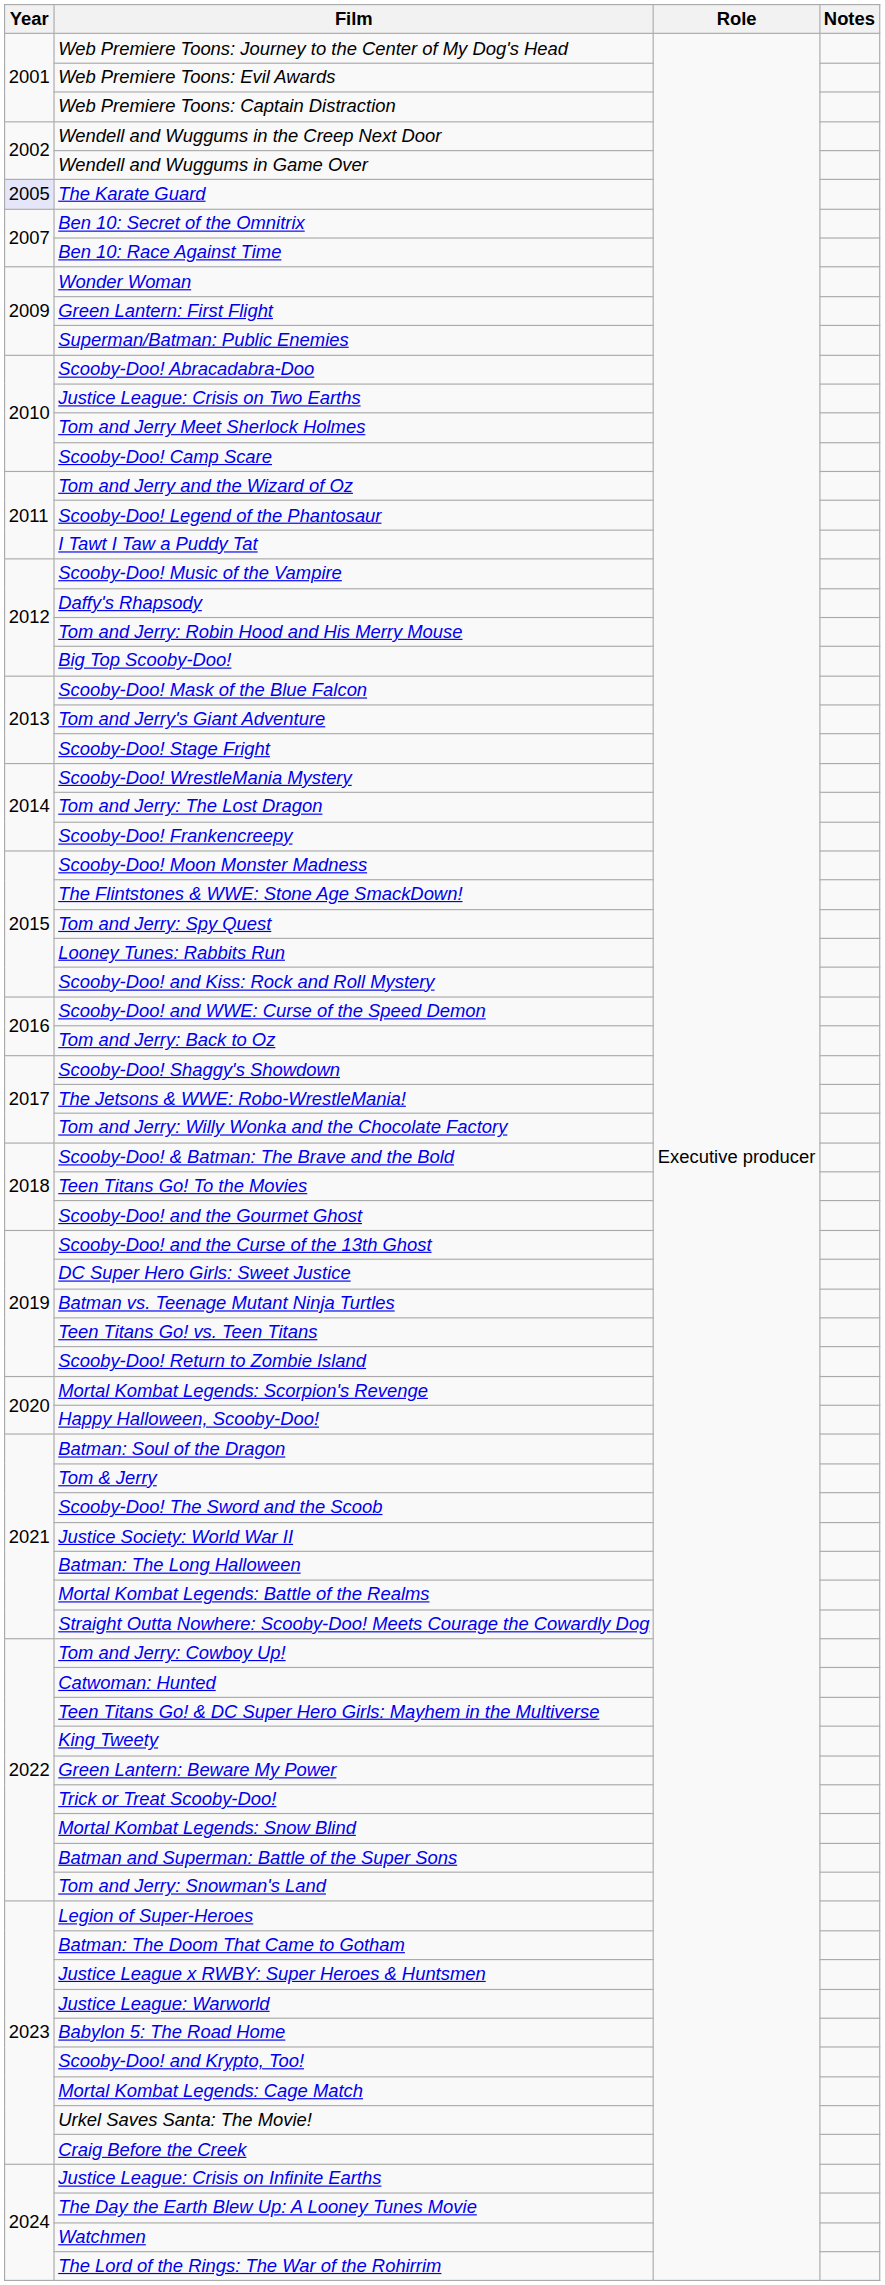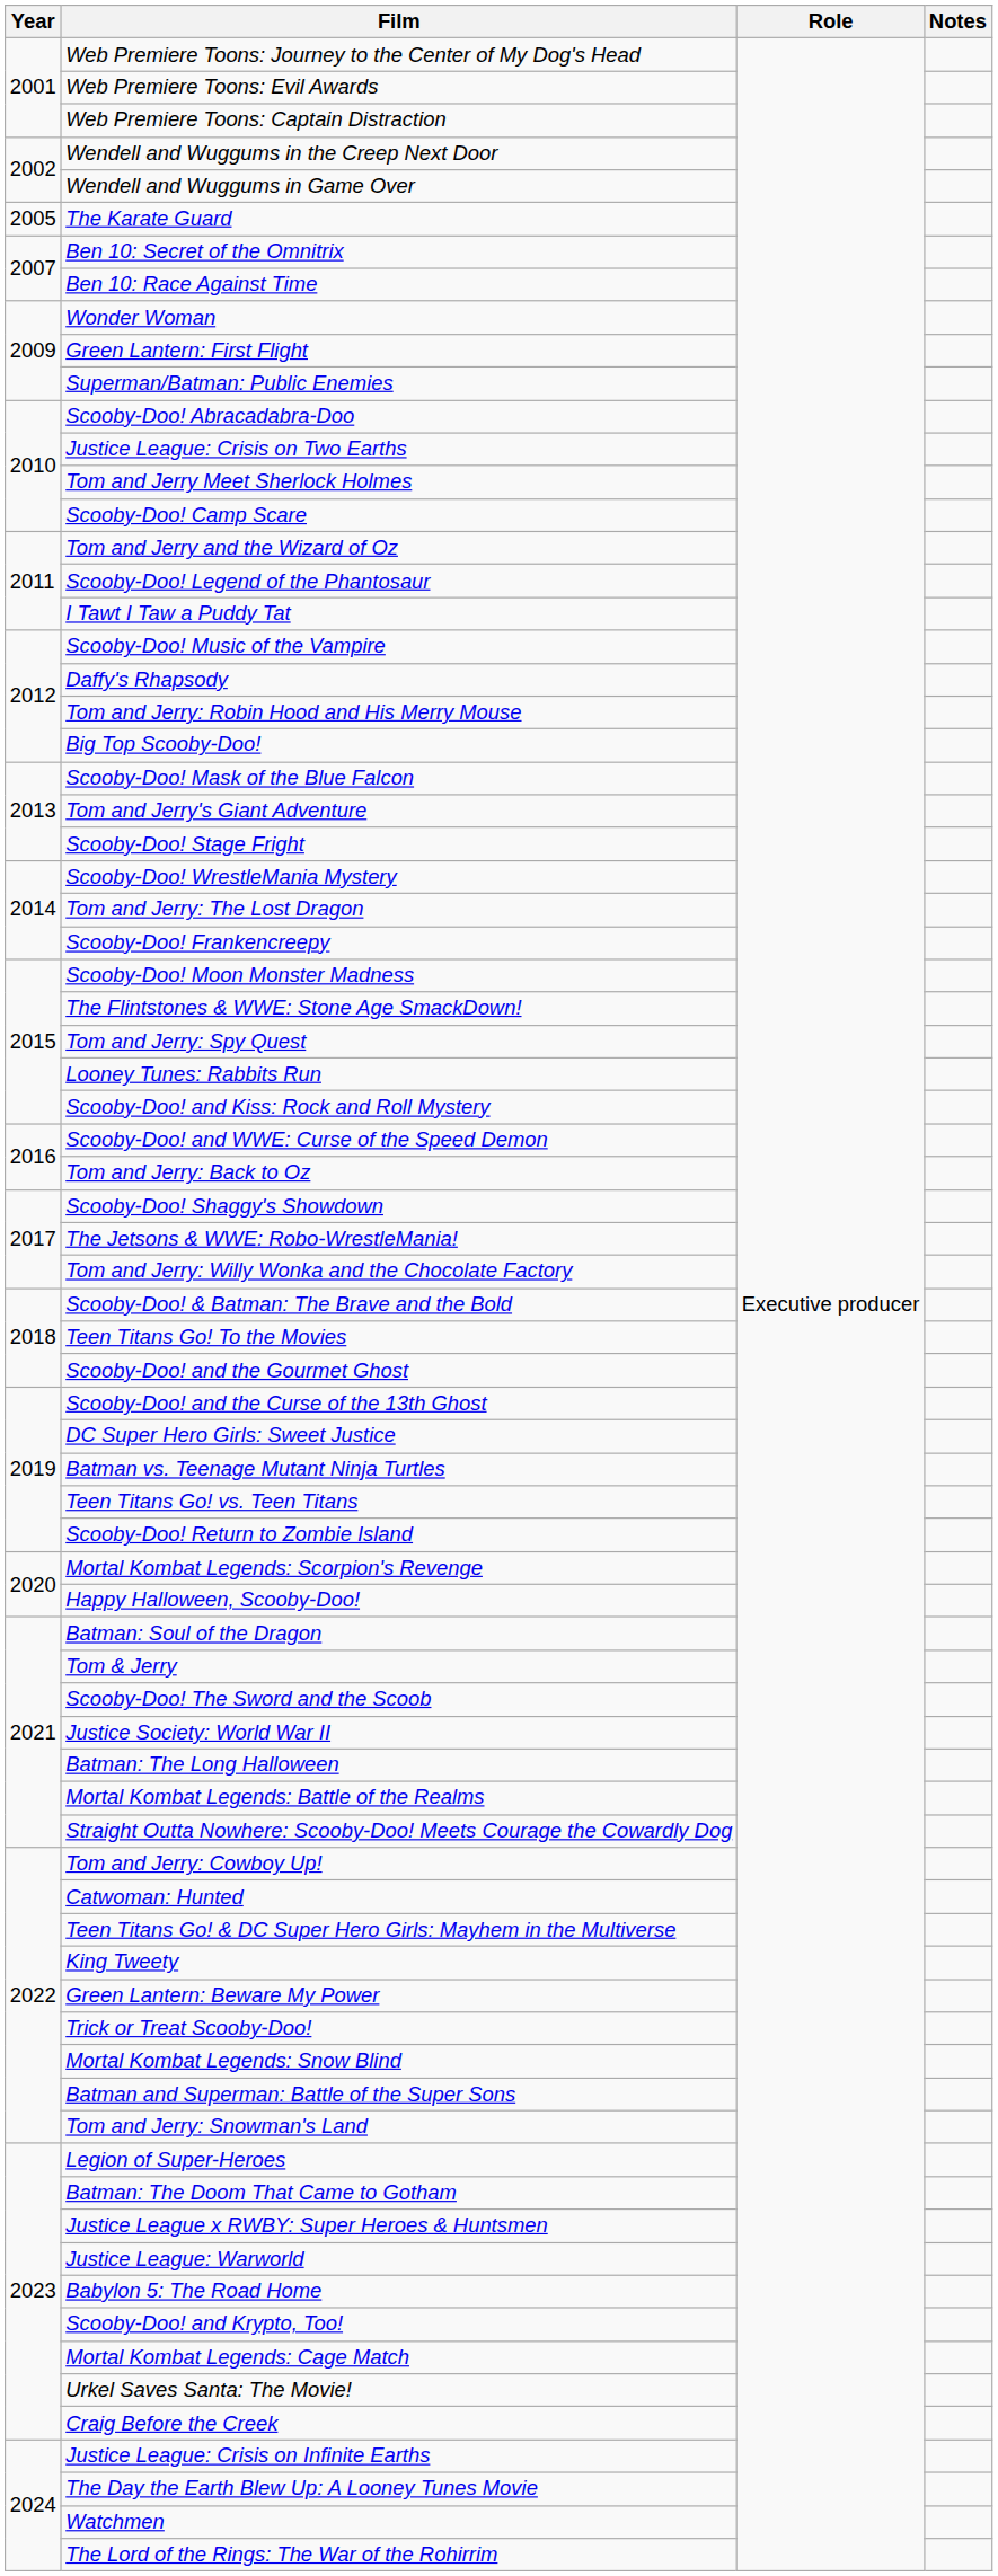 <table class="wikitable">
 <tr>
 <th>Year</th>
 <th>Film</th>
 <th>Role</th>
 <th>Notes</th>
 </tr>
 <tr>
 <td rowspan="3">2001</td>
 <td><em>Web Premiere Toons: Journey to the Center of My Dog's Head</em></td>
 <td rowspan="80">Executive producer</td>
 <td></td>
 </tr>
 <tr>
 <td><em>Web Premiere Toons: Evil Awards</em></td>
 <td></td>
 </tr>
 <tr>
 <td><em>Web Premiere Toons: Captain Distraction</em></td>
 <td></td>
 </tr>
 <tr>
 <td rowspan="2">2002</td>
 <td><em>Wendell and Wuggums in the Creep Next Door</em></td>
 <td></td>
 </tr>
 <tr>
 <td><em>Wendell and Wuggums in Game Over</em></td>
 <td></td>
 </tr>
 <tr>
-<td style="background: lavender;">2005</td>
+<td>2005</td>
 <td><em><a href='#'>The Karate Guard</a></em></td>
 <td></td>
 </tr>
 <tr>
 <td rowspan="2">2007</td>
 <td><em><a href='#'>Ben 10: Secret of the Omnitrix</a></em></td>
 <td></td>
 </tr>
 <tr>
 <td><em><a href='#'>Ben 10: Race Against Time</a></em></td>
 <td></td>
 </tr>
 <tr>
 <td rowspan="3">2009</td>
 <td><em><a href='#'>Wonder Woman</a></em></td>
 <td></td>
 </tr>
 <tr>
 <td><em><a href='#'>Green Lantern: First Flight</a></em></td>
 <td></td>
 </tr>
 <tr>
 <td><em><a href='#'>Superman/Batman: Public Enemies</a></em></td>
 <td></td>
 </tr>
 <tr>
 <td rowspan="4">2010</td>
 <td><em><a href='#'>Scooby-Doo! Abracadabra-Doo</a></em></td>
 <td></td>
 </tr>
 <tr>
 <td><em><a href='#'>Justice League: Crisis on Two Earths</a></em></td>
 <td></td>
 </tr>
 <tr>
 <td><em><a href='#'>Tom and Jerry Meet Sherlock Holmes</a></em></td>
 <td></td>
 </tr>
 <tr>
 <td><em><a href='#'>Scooby-Doo! Camp Scare</a></em></td>
 <td></td>
 </tr>
 <tr>
 <td rowspan="3">2011</td>
 <td><em><a href='#'>Tom and Jerry and the Wizard of Oz</a></em></td>
 <td></td>
 </tr>
 <tr>
 <td><em><a href='#'>Scooby-Doo! Legend of the Phantosaur</a></em></td>
 <td></td>
 </tr>
 <tr>
 <td><em><a href='#'>I Tawt I Taw a Puddy Tat</a></em></td>
 <td></td>
 </tr>
 <tr>
 <td rowspan="4">2012</td>
 <td><em><a href='#'>Scooby-Doo! Music of the Vampire</a></em></td>
 <td></td>
 </tr>
 <tr>
 <td><em><a href='#'>Daffy's Rhapsody</a></em></td>
 <td></td>
 </tr>
 <tr>
 <td><em><a href='#'>Tom and Jerry: Robin Hood and His Merry Mouse</a></em></td>
 <td></td>
 </tr>
 <tr>
 <td><em><a href='#'>Big Top Scooby-Doo!</a></em></td>
 <td></td>
 </tr>
 <tr>
 <td rowspan="3">2013</td>
 <td><em><a href='#'>Scooby-Doo! Mask of the Blue Falcon</a></em></td>
 <td></td>
 </tr>
 <tr>
 <td><em><a href='#'>Tom and Jerry's Giant Adventure</a></em></td>
 <td></td>
 </tr>
 <tr>
 <td><em><a href='#'>Scooby-Doo! Stage Fright</a></em></td>
 <td></td>
 </tr>
 <tr>
 <td rowspan="3">2014</td>
 <td><em><a href='#'>Scooby-Doo! WrestleMania Mystery</a></em></td>
 <td></td>
 </tr>
 <tr>
 <td><em><a href='#'>Tom and Jerry: The Lost Dragon</a></em></td>
 <td></td>
 </tr>
 <tr>
 <td><em><a href='#'>Scooby-Doo! Frankencreepy</a></em></td>
 <td></td>
 </tr>
 <tr>
 <td rowspan="5">2015</td>
 <td><em><a href='#'>Scooby-Doo! Moon Monster Madness</a></em></td>
 <td></td>
 </tr>
 <tr>
 <td><em><a href='#'>The Flintstones & WWE: Stone Age SmackDown!</a></em></td>
 <td></td>
 </tr>
 <tr>
 <td><em><a href='#'>Tom and Jerry: Spy Quest</a></em></td>
 <td></td>
 </tr>
 <tr>
 <td><em><a href='#'>Looney Tunes: Rabbits Run</a></em></td>
 <td></td>
 </tr>
 <tr>
 <td><em><a href='#'>Scooby-Doo! and Kiss: Rock and Roll Mystery</a></em></td>
 <td></td>
 </tr>
 <tr>
 <td rowspan="2">2016</td>
 <td><em><a href='#'>Scooby-Doo! and WWE: Curse of the Speed Demon</a></em></td>
 <td></td>
 </tr>
 <tr>
 <td><em><a href='#'>Tom and Jerry: Back to Oz</a></em></td>
 <td></td>
 </tr>
 <tr>
 <td rowspan="3">2017</td>
 <td><em><a href='#'>Scooby-Doo! Shaggy's Showdown</a></em></td>
 <td></td>
 </tr>
 <tr>
 <td><em><a href='#'>The Jetsons & WWE: Robo-WrestleMania!</a></em></td>
 <td></td>
 </tr>
 <tr>
 <td><em><a href='#'>Tom and Jerry: Willy Wonka and the Chocolate Factory</a></em></td>
 <td></td>
 </tr>
 <tr>
 <td rowspan="3">2018</td>
 <td><em><a href='#'>Scooby-Doo! & Batman: The Brave and the Bold</a></em></td>
 <td></td>
 </tr>
 <tr>
 <td><em><a href='#'>Teen Titans Go! To the Movies</a></em></td>
 <td></td>
 </tr>
 <tr>
 <td><em><a href='#'>Scooby-Doo! and the Gourmet Ghost</a></em></td>
 <td></td>
 </tr>
 <tr>
 <td rowspan="5">2019</td>
 <td><em><a href='#'>Scooby-Doo! and the Curse of the 13th Ghost</a></em></td>
 <td></td>
 </tr>
 <tr>
 <td><em><a href='#'>DC Super Hero Girls: Sweet Justice</a></em></td>
 <td></td>
 </tr>
 <tr>
 <td><em><a href='#'>Batman vs. Teenage Mutant Ninja Turtles</a></em></td>
 <td></td>
 </tr>
 <tr>
 <td><em><a href='#'>Teen Titans Go! vs. Teen Titans</a></em></td>
 <td></td>
 </tr>
 <tr>
 <td><em><a href='#'>Scooby-Doo! Return to Zombie Island</a></em></td>
 <td></td>
 </tr>
 <tr>
 <td rowspan="2">2020</td>
 <td><em><a href='#'>Mortal Kombat Legends: Scorpion's Revenge</a></em></td>
 <td></td>
 </tr>
 <tr>
 <td><em><a href='#'>Happy Halloween, Scooby-Doo!</a></em></td>
 <td></td>
 </tr>
 <tr>
 <td rowspan="7">2021</td>
 <td><em><a href='#'>Batman: Soul of the Dragon</a></em></td>
 <td></td>
 </tr>
 <tr>
 <td><em><a href='#'>Tom & Jerry</a></em></td>
 <td></td>
 </tr>
 <tr>
 <td><em><a href='#'>Scooby-Doo! The Sword and the Scoob</a></em></td>
 <td></td>
 </tr>
 <tr>
 <td><em><a href='#'>Justice Society: World War II</a></em></td>
 <td></td>
 </tr>
 <tr>
 <td><em><a href='#'>Batman: The Long Halloween</a></em></td>
 <td></td>
 </tr>
 <tr>
 <td><em><a href='#'>Mortal Kombat Legends: Battle of the Realms</a></em></td>
 <td></td>
 </tr>
 <tr>
 <td><em><a href='#'>Straight Outta Nowhere: Scooby-Doo! Meets Courage the Cowardly Dog</a></em></td>
 <td></td>
 </tr>
 <tr>
 <td rowspan="9">2022</td>
 <td><em><a href='#'>Tom and Jerry: Cowboy Up!</a></em></td>
 <td></td>
 </tr>
 <tr>
 <td><em><a href='#'>Catwoman: Hunted</a></em></td>
 <td></td>
 </tr>
 <tr>
 <td><em><a href='#'>Teen Titans Go! & DC Super Hero Girls: Mayhem in the Multiverse</a></em></td>
 <td></td>
 </tr>
 <tr>
 <td><em><a href='#'>King Tweety</a></em></td>
 <td></td>
 </tr>
 <tr>
 <td><em><a href='#'>Green Lantern: Beware My Power</a></em></td>
 <td></td>
 </tr>
 <tr>
 <td><em><a href='#'>Trick or Treat Scooby-Doo!</a></em></td>
 <td></td>
 </tr>
 <tr>
 <td><em><a href='#'>Mortal Kombat Legends: Snow Blind</a></em></td>
 <td></td>
 </tr>
 <tr>
 <td><em><a href='#'>Batman and Superman: Battle of the Super Sons</a></em></td>
 <td></td>
 </tr>
 <tr>
 <td><em><a href='#'>Tom and Jerry: Snowman's Land</a></em></td>
 <td></td>
 </tr>
 <tr>
 <td rowspan="9">2023</td>
 <td><em><a href='#'>Legion of Super-Heroes</a></em></td>
 <td></td>
 </tr>
 <tr>
 <td><em><a href='#'>Batman: The Doom That Came to Gotham</a></em></td>
 <td></td>
 </tr>
 <tr>
 <td><em><a href='#'>Justice League x RWBY: Super Heroes & Huntsmen</a></em></td>
 <td></td>
 </tr>
 <tr>
 <td><em><a href='#'>Justice League: Warworld</a></em></td>
 <td></td>
 </tr>
 <tr>
 <td><em><a href='#'>Babylon 5: The Road Home</a></em></td>
 <td></td>
 </tr>
 <tr>
 <td><em><a href='#'>Scooby-Doo! and Krypto, Too!</a></em></td>
 <td></td>
 </tr>
 <tr>
 <td><em><a href='#'>Mortal Kombat Legends: Cage Match</a></em></td>
 <td></td>
 </tr>
 <tr>
 <td><em>Urkel Saves Santa: The Movie!</em></td>
 <td></td>
 </tr>
 <tr>
 <td><em><a href='#'>Craig Before the Creek</a></em></td>
 <td></td>
 </tr>
 <tr>
 <td rowspan="5">2024</td>
 <td><em><a href='#'>Justice League: Crisis on Infinite Earths</a></em></td>
 <td></td>
 </tr>
 <tr>
 <td><em><a href='#'>The Day the Earth Blew Up: A Looney Tunes Movie</a></em></td>
 <td></td>
 </tr>
 <tr>
 <td><em><a href='#'>Watchmen</a></em></td>
 <td></td>
 </tr>
 <tr>
 <td><em><a href='#'>The Lord of the Rings: The War of the Rohirrim</a></em></td>
 <td></td>
 </tr>
 </table>
